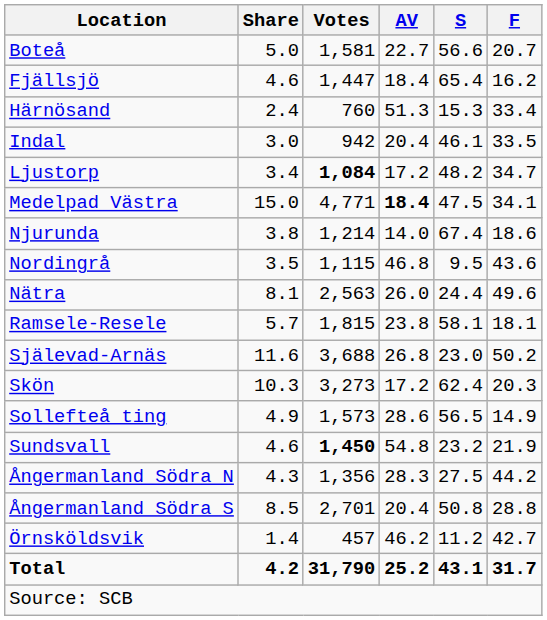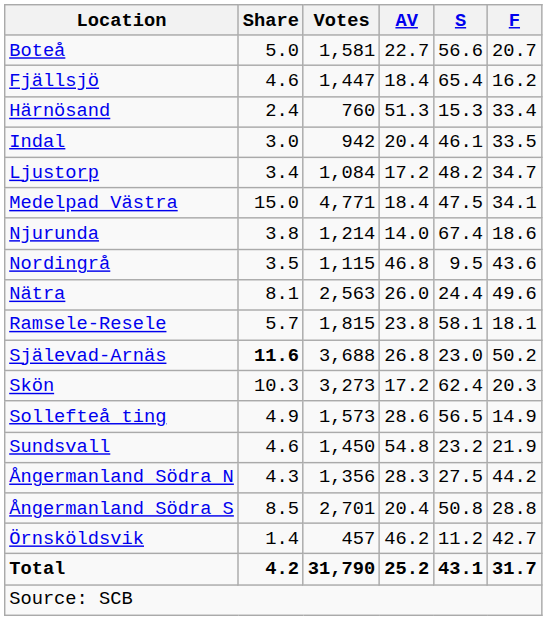 <table class="wikitable sortable" style=text-align:right>
 <tr>
 <th>Location</th>
 <th>Share</th>
 <th>Votes</th>
 <th><a href='#'>AV</a></th>
 <th><a href='#'>S</a></th>
 <th><a href='#'>F</a></th>
 </tr>
 <tr>
 <td align=left><a href='#'>Boteå</a></td>
 <td>5.0</td>
 <td>1,581</td>
 <td>22.7</td>
 <td>56.6</td>
 <td>20.7</td>
 </tr>
 <tr>
 <td align=left><a href='#'>Fjällsjö</a></td>
 <td>4.6</td>
 <td>1,447</td>
 <td>18.4</td>
 <td>65.4</td>
 <td>16.2</td>
 </tr>
 <tr>
 <td align=left><a href='#'>Härnösand</a></td>
 <td>2.4</td>
 <td>760</td>
 <td>51.3</td>
 <td>15.3</td>
 <td>33.4</td>
 </tr>
 <tr>
 <td align=left><a href='#'>Indal</a></td>
 <td>3.0</td>
 <td>942</td>
 <td>20.4</td>
 <td>46.1</td>
 <td>33.5</td>
 </tr>
 <tr>
 <td align=left><a href='#'>Ljustorp</a></td>
 <td>3.4</td>
-<td><strong>1,084</strong></td>
+<td>1,084</td>
 <td>17.2</td>
 <td>48.2</td>
 <td>34.7</td>
 </tr>
 <tr>
 <td align=left><a href='#'>Medelpad Västra</a></td>
 <td>15.0</td>
 <td>4,771</td>
-<td><strong>18.4</strong></td>
+<td>18.4</td>
 <td>47.5</td>
 <td>34.1</td>
 </tr>
 <tr>
 <td align=left><a href='#'>Njurunda</a></td>
 <td>3.8</td>
 <td>1,214</td>
 <td>14.0</td>
 <td>67.4</td>
 <td>18.6</td>
 </tr>
 <tr>
 <td align=left><a href='#'>Nordingrå</a></td>
 <td>3.5</td>
 <td>1,115</td>
 <td>46.8</td>
 <td>9.5</td>
 <td>43.6</td>
 </tr>
 <tr>
 <td align=left><a href='#'>Nätra</a></td>
 <td>8.1</td>
 <td>2,563</td>
 <td>26.0</td>
 <td>24.4</td>
 <td>49.6</td>
 </tr>
 <tr>
 <td align=left><a href='#'>Ramsele-Resele</a></td>
 <td>5.7</td>
 <td>1,815</td>
 <td>23.8</td>
 <td>58.1</td>
 <td>18.1</td>
 </tr>
 <tr>
 <td align=left><a href='#'>Själevad-Arnäs</a></td>
-<td>11.6</td>
+<td><strong>11.6</strong></td>
 <td>3,688</td>
 <td>26.8</td>
 <td>23.0</td>
 <td>50.2</td>
 </tr>
 <tr>
 <td align=left><a href='#'>Skön</a></td>
 <td>10.3</td>
 <td>3,273</td>
 <td>17.2</td>
 <td>62.4</td>
 <td>20.3</td>
 </tr>
 <tr>
 <td align=left><a href='#'>Sollefteå ting</a></td>
 <td>4.9</td>
 <td>1,573</td>
 <td>28.6</td>
 <td>56.5</td>
 <td>14.9</td>
 </tr>
 <tr>
 <td align=left><a href='#'>Sundsvall</a></td>
 <td>4.6</td>
-<td><strong>1,450</strong></td>
+<td>1,450</td>
 <td>54.8</td>
 <td>23.2</td>
 <td>21.9</td>
 </tr>
 <tr>
 <td align=left><a href='#'>Ångermanland Södra N</a></td>
 <td>4.3</td>
 <td>1,356</td>
 <td>28.3</td>
 <td>27.5</td>
 <td>44.2</td>
 </tr>
 <tr>
 <td align=left><a href='#'>Ångermanland Södra S</a></td>
 <td>8.5</td>
 <td>2,701</td>
 <td>20.4</td>
 <td>50.8</td>
 <td>28.8</td>
 </tr>
 <tr>
 <td align=left><a href='#'>Örnsköldsvik</a></td>
 <td>1.4</td>
 <td>457</td>
 <td>46.2</td>
 <td>11.2</td>
 <td>42.7</td>
 </tr>
 <tr>
 <td align=left><strong>Total</strong></td>
 <td><strong>4.2</strong></td>
 <td><strong>31,790</strong></td>
 <td><strong>25.2</strong></td>
 <td><strong>43.1</strong></td>
 <td><strong>31.7</strong></td>
 </tr>
 <tr>
 <td align=left colspan=6>Source: SCB </td>
 </tr>
 </table>
